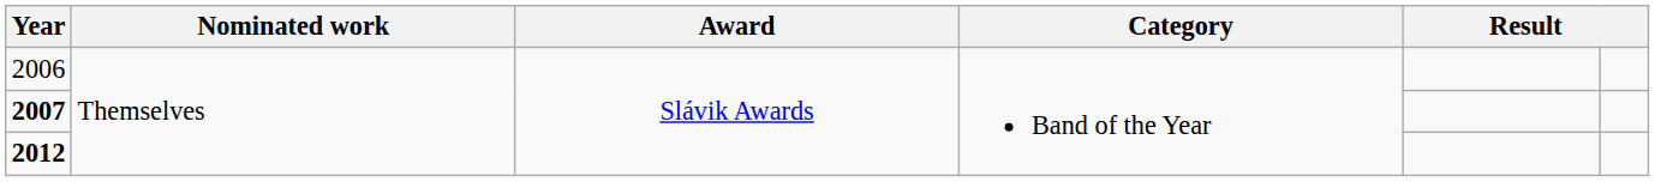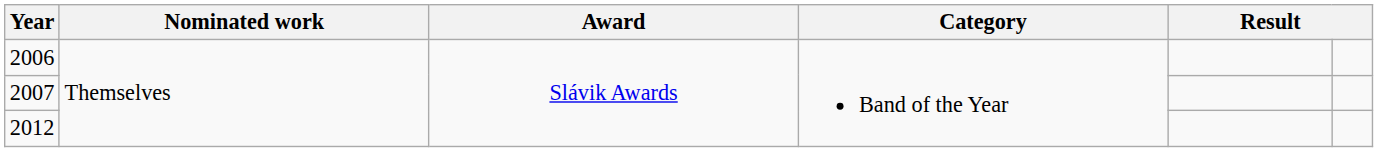 <table class="wikitable" style="text-align:left;">
 <tr>
 <th width=4%>Year</th>
 <th width=27%>Nominated work</th>
 <th width=27%>Award</th>
 <th width=27%>Category</th>
 <th width=15% colspan="2">Result</th>
 </tr>
 <tr>
 <td align="center">2006</td>
 <td rowspan="3">Themselves</td>
 <td rowspan="3" align="center"><a href='#'>Slávik Awards</a></td>
 <td rowspan="3"><br><ul><li>Band of the Year</li></ul></td>
 <td></td>
 <td width=3%  align="center"></td>
 </tr>
 <tr>
-<td align="center"><strong>2007</strong></td>
+<td align="center">2007</td>
 <td></td>
 <td width=3%  align="center"></td>
 </tr>
 <tr>
-<td align="center"><strong>2012</strong></td>
+<td align="center">2012</td>
 <td></td>
 <td width=3%  align="center"></td>
 </tr>
 </table>
